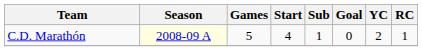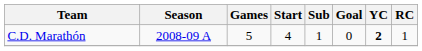 <table class="wikitable" border="1">
 <tr>
 <th width="160">Team</th>
 <th width="100">Season</th>
 <th width="25">Games</th>
 <th width="25">Start</th>
 <th width="25">Sub</th>
 <th width="25">Goal</th>
 <th width="25">YC</th>
 <th width="25">RC</th>
 </tr>
 <tr>
 <td width="100"><a href='#'>C.D. Marathón</a></td>
-<td align="center" style="background: lightyellow;"><a href='#'>2008-09 A</a></td>
+<td align="center"><a href='#'>2008-09 A</a></td>
 <td align="center">5</td>
 <td align="center">4</td>
 <td align="center">1</td>
 <td align="center">0</td>
-<td align="center">2</td>
+<td align="center"><strong>2</strong></td>
 <td align="center">1</td>
 </tr>
 <tr>
 </tr>
 </table>
